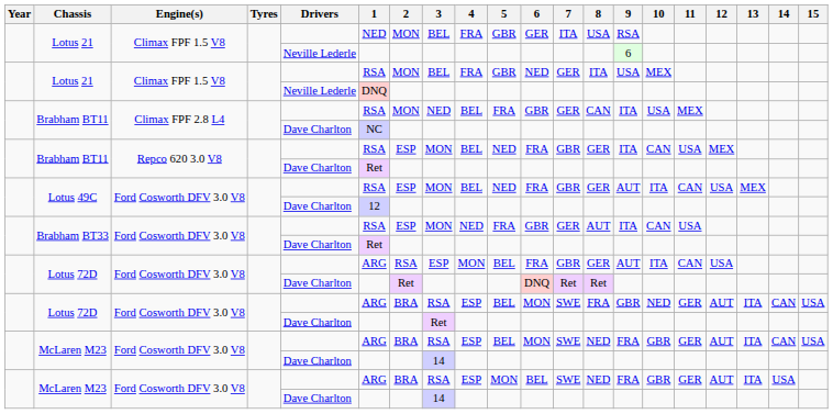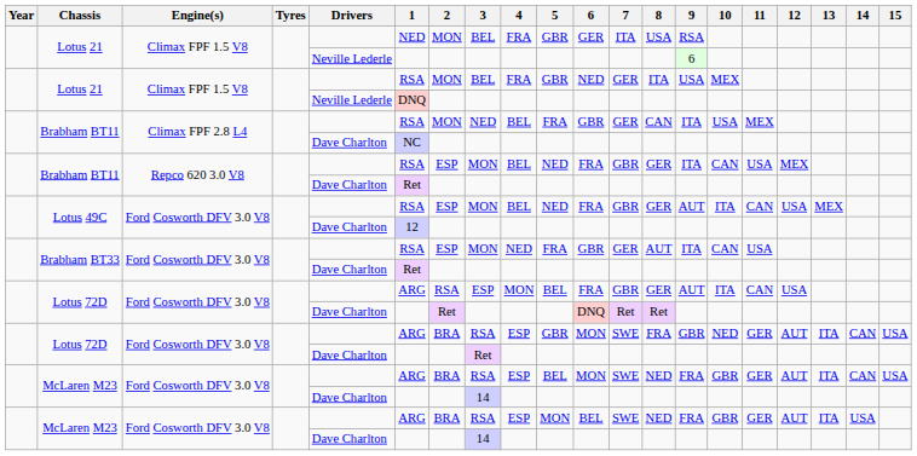 <table class="wikitable" style="text-align:center; font-size:85%">
 <tr>
 <th>Year</th>
 <th>Chassis</th>
 <th>Engine(s)</th>
 <th>Tyres</th>
 <th>Drivers</th>
 <th>1</th>
 <th>2</th>
 <th>3</th>
 <th>4</th>
 <th>5</th>
 <th>6</th>
 <th>7</th>
 <th>8</th>
 <th>9</th>
 <th>10</th>
 <th>11</th>
 <th>12</th>
 <th>13</th>
 <th>14</th>
 <th>15</th>
 </tr>
 <tr>
 <td rowspan="2"></td>
 <td rowspan="2"><a href='#'>Lotus</a> <a href='#'>21</a></td>
 <td rowspan="2"><a href='#'>Climax</a> FPF 1.5 <a href='#'>V8</a></td>
 <td rowspan="2"></td>
 <td></td>
 <td><a href='#'>NED</a></td>
 <td><a href='#'>MON</a></td>
 <td><a href='#'>BEL</a></td>
 <td><a href='#'>FRA</a></td>
 <td><a href='#'>GBR</a></td>
 <td><a href='#'>GER</a></td>
 <td><a href='#'>ITA</a></td>
 <td><a href='#'>USA</a></td>
 <td><a href='#'>RSA</a></td>
 <td></td>
 <td></td>
 <td></td>
 <td></td>
 <td></td>
 <td></td>
 </tr>
 <tr>
 <td align="left"> <a href='#'>Neville Lederle</a></td>
 <td></td>
 <td></td>
 <td></td>
 <td></td>
 <td></td>
 <td></td>
 <td></td>
 <td></td>
 <td style="background:#DFFFDF;">6</td>
 <td></td>
 <td></td>
 <td></td>
 <td></td>
 <td></td>
 <td></td>
 </tr>
 <tr>
 <td rowspan="2"></td>
 <td rowspan="2"><a href='#'>Lotus</a> <a href='#'>21</a></td>
 <td rowspan="2"><a href='#'>Climax</a> FPF 1.5 <a href='#'>V8</a></td>
 <td rowspan="2"></td>
 <td></td>
 <td><a href='#'>RSA</a></td>
 <td><a href='#'>MON</a></td>
 <td><a href='#'>BEL</a></td>
 <td><a href='#'>FRA</a></td>
 <td><a href='#'>GBR</a></td>
 <td><a href='#'>NED</a></td>
 <td><a href='#'>GER</a></td>
 <td><a href='#'>ITA</a></td>
 <td><a href='#'>USA</a></td>
 <td><a href='#'>MEX</a></td>
 <td></td>
 <td></td>
 <td></td>
 <td></td>
 <td></td>
 </tr>
 <tr>
 <td align="left"> <a href='#'>Neville Lederle</a></td>
 <td style="background:#FFCFCF;">DNQ</td>
 <td></td>
 <td></td>
 <td></td>
 <td></td>
 <td></td>
 <td></td>
 <td></td>
 <td></td>
 <td></td>
 <td></td>
 <td></td>
 <td></td>
 <td></td>
 <td></td>
 </tr>
 <tr>
 <td rowspan="2"></td>
 <td rowspan="2"><a href='#'>Brabham</a> <a href='#'>BT11</a></td>
 <td rowspan="2"><a href='#'>Climax</a> FPF 2.8 <a href='#'>L4</a></td>
 <td rowspan="2"></td>
 <td></td>
 <td><a href='#'>RSA</a></td>
 <td><a href='#'>MON</a></td>
 <td><a href='#'>NED</a></td>
 <td><a href='#'>BEL</a></td>
 <td><a href='#'>FRA</a></td>
 <td><a href='#'>GBR</a></td>
 <td><a href='#'>GER</a></td>
 <td><a href='#'>CAN</a></td>
 <td><a href='#'>ITA</a></td>
 <td><a href='#'>USA</a></td>
 <td><a href='#'>MEX</a></td>
 <td></td>
 <td></td>
 <td></td>
 <td></td>
 </tr>
 <tr>
 <td align="left"> <a href='#'>Dave Charlton</a></td>
 <td style="background:#cfcfff;">NC</td>
 <td></td>
 <td></td>
 <td></td>
 <td></td>
 <td></td>
 <td></td>
 <td></td>
 <td></td>
 <td></td>
 <td></td>
 <td></td>
 <td></td>
 <td></td>
 <td></td>
 </tr>
 <tr>
 <td rowspan="2"></td>
 <td rowspan="2"><a href='#'>Brabham</a> <a href='#'>BT11</a></td>
 <td rowspan="2"><a href='#'>Repco</a> 620 3.0 <a href='#'>V8</a></td>
 <td rowspan="2"></td>
 <td></td>
 <td><a href='#'>RSA</a></td>
 <td><a href='#'>ESP</a></td>
 <td><a href='#'>MON</a></td>
 <td><a href='#'>BEL</a></td>
 <td><a href='#'>NED</a></td>
 <td><a href='#'>FRA</a></td>
 <td><a href='#'>GBR</a></td>
 <td><a href='#'>GER</a></td>
 <td><a href='#'>ITA</a></td>
 <td><a href='#'>CAN</a></td>
 <td><a href='#'>USA</a></td>
 <td><a href='#'>MEX</a></td>
 <td></td>
 <td></td>
 <td></td>
 </tr>
 <tr>
 <td align="left"> <a href='#'>Dave Charlton</a></td>
 <td style="background:#EFCFFF;">Ret</td>
 <td></td>
 <td></td>
 <td></td>
 <td></td>
 <td></td>
 <td></td>
 <td></td>
 <td></td>
 <td></td>
 <td></td>
 <td></td>
 <td></td>
 <td></td>
 <td></td>
 </tr>
 <tr>
 <td rowspan="2"></td>
 <td rowspan="2"><a href='#'>Lotus</a> <a href='#'>49C</a></td>
 <td rowspan="2"><a href='#'>Ford</a> <a href='#'>Cosworth DFV</a> 3.0 <a href='#'>V8</a></td>
 <td rowspan="2"></td>
 <td></td>
 <td><a href='#'>RSA</a></td>
 <td><a href='#'>ESP</a></td>
 <td><a href='#'>MON</a></td>
 <td><a href='#'>BEL</a></td>
 <td><a href='#'>NED</a></td>
 <td><a href='#'>FRA</a></td>
 <td><a href='#'>GBR</a></td>
 <td><a href='#'>GER</a></td>
 <td><a href='#'>AUT</a></td>
 <td><a href='#'>ITA</a></td>
 <td><a href='#'>CAN</a></td>
 <td><a href='#'>USA</a></td>
 <td><a href='#'>MEX</a></td>
 <td></td>
 <td></td>
 </tr>
 <tr>
 <td align="left"> <a href='#'>Dave Charlton</a></td>
 <td style="background:#cfcfff;">12</td>
 <td></td>
 <td></td>
 <td></td>
 <td></td>
 <td></td>
 <td></td>
 <td></td>
 <td></td>
 <td></td>
 <td></td>
 <td></td>
 <td></td>
 <td></td>
 <td></td>
 </tr>
 <tr>
 <td rowspan="2"></td>
 <td rowspan="2"><a href='#'>Brabham</a> <a href='#'>BT33</a></td>
 <td rowspan="2"><a href='#'>Ford</a> <a href='#'>Cosworth DFV</a> 3.0 <a href='#'>V8</a></td>
 <td rowspan="2"></td>
 <td></td>
 <td><a href='#'>RSA</a></td>
 <td><a href='#'>ESP</a></td>
 <td><a href='#'>MON</a></td>
 <td><a href='#'>NED</a></td>
 <td><a href='#'>FRA</a></td>
 <td><a href='#'>GBR</a></td>
 <td><a href='#'>GER</a></td>
 <td><a href='#'>AUT</a></td>
 <td><a href='#'>ITA</a></td>
 <td><a href='#'>CAN</a></td>
 <td><a href='#'>USA</a></td>
 <td></td>
 <td></td>
 <td></td>
 <td></td>
 </tr>
 <tr>
 <td align="left"> <a href='#'>Dave Charlton</a></td>
 <td style="background:#EFCFFF;">Ret</td>
 <td></td>
 <td></td>
 <td></td>
 <td></td>
 <td></td>
 <td></td>
 <td></td>
 <td></td>
 <td></td>
 <td></td>
 <td></td>
 <td></td>
 <td></td>
 <td></td>
 </tr>
 <tr>
 <td rowspan="2"></td>
 <td rowspan="2"><a href='#'>Lotus</a> <a href='#'>72D</a></td>
 <td rowspan="2"><a href='#'>Ford</a> <a href='#'>Cosworth DFV</a> 3.0 <a href='#'>V8</a></td>
 <td rowspan="2"></td>
 <td></td>
 <td><a href='#'>ARG</a></td>
 <td><a href='#'>RSA</a></td>
 <td><a href='#'>ESP</a></td>
 <td><a href='#'>MON</a></td>
 <td><a href='#'>BEL</a></td>
 <td><a href='#'>FRA</a></td>
 <td><a href='#'>GBR</a></td>
 <td><a href='#'>GER</a></td>
 <td><a href='#'>AUT</a></td>
 <td><a href='#'>ITA</a></td>
 <td><a href='#'>CAN</a></td>
 <td><a href='#'>USA</a></td>
 <td></td>
 <td></td>
 <td></td>
 </tr>
 <tr>
 <td align="left"> <a href='#'>Dave Charlton</a></td>
 <td></td>
 <td style="background:#EFCFFF;">Ret</td>
 <td></td>
 <td></td>
 <td></td>
 <td style="background:#FFCFCF;">DNQ</td>
 <td style="background:#EFCFFF;">Ret</td>
 <td style="background:#EFCFFF;">Ret</td>
 <td></td>
 <td></td>
 <td></td>
 <td></td>
 <td></td>
 <td></td>
 <td></td>
 </tr>
 <tr>
 <td rowspan="2"></td>
 <td rowspan="2"><a href='#'>Lotus</a> <a href='#'>72D</a></td>
 <td rowspan="2"><a href='#'>Ford</a> <a href='#'>Cosworth DFV</a> 3.0 <a href='#'>V8</a></td>
 <td rowspan="2"></td>
 <td></td>
 <td><a href='#'>ARG</a></td>
 <td><a href='#'>BRA</a></td>
 <td><a href='#'>RSA</a></td>
 <td><a href='#'>ESP</a></td>
-<td><a href='#'>BEL</a></td>
+<td><a href='#'>GBR</a></td>
 <td><a href='#'>MON</a></td>
 <td><a href='#'>SWE</a></td>
 <td><a href='#'>FRA</a></td>
 <td><a href='#'>GBR</a></td>
 <td><a href='#'>NED</a></td>
 <td><a href='#'>GER</a></td>
 <td><a href='#'>AUT</a></td>
 <td><a href='#'>ITA</a></td>
 <td><a href='#'>CAN</a></td>
 <td><a href='#'>USA</a></td>
 </tr>
 <tr>
 <td align="left"> <a href='#'>Dave Charlton</a></td>
 <td></td>
 <td></td>
 <td style="background:#EFCFFF;">Ret</td>
 <td></td>
 <td></td>
 <td></td>
 <td></td>
 <td></td>
 <td></td>
 <td></td>
 <td></td>
 <td></td>
 <td></td>
 <td></td>
 <td></td>
 </tr>
 <tr>
 <td rowspan="2"></td>
 <td rowspan="2"><a href='#'>McLaren</a> <a href='#'>M23</a></td>
 <td rowspan="2"><a href='#'>Ford</a> <a href='#'>Cosworth DFV</a> 3.0 <a href='#'>V8</a></td>
 <td rowspan="2"></td>
 <td></td>
 <td><a href='#'>ARG</a></td>
 <td><a href='#'>BRA</a></td>
 <td><a href='#'>RSA</a></td>
 <td><a href='#'>ESP</a></td>
 <td><a href='#'>BEL</a></td>
 <td><a href='#'>MON</a></td>
 <td><a href='#'>SWE</a></td>
 <td><a href='#'>NED</a></td>
 <td><a href='#'>FRA</a></td>
 <td><a href='#'>GBR</a></td>
 <td><a href='#'>GER</a></td>
 <td><a href='#'>AUT</a></td>
 <td><a href='#'>ITA</a></td>
 <td><a href='#'>CAN</a></td>
 <td><a href='#'>USA</a></td>
 </tr>
 <tr>
 <td align="left"> <a href='#'>Dave Charlton</a></td>
 <td></td>
 <td></td>
 <td style="background:#cfcfff;">14</td>
 <td></td>
 <td></td>
 <td></td>
 <td></td>
 <td></td>
 <td></td>
 <td></td>
 <td></td>
 <td></td>
 <td></td>
 <td></td>
 <td></td>
 </tr>
 <tr>
 <td rowspan="2"></td>
 <td rowspan="2"><a href='#'>McLaren</a> <a href='#'>M23</a></td>
 <td rowspan="2"><a href='#'>Ford</a> <a href='#'>Cosworth DFV</a> 3.0 <a href='#'>V8</a></td>
 <td rowspan="2"></td>
 <td></td>
 <td><a href='#'>ARG</a></td>
 <td><a href='#'>BRA</a></td>
 <td><a href='#'>RSA</a></td>
 <td><a href='#'>ESP</a></td>
 <td><a href='#'>MON</a></td>
 <td><a href='#'>BEL</a></td>
 <td><a href='#'>SWE</a></td>
 <td><a href='#'>NED</a></td>
 <td><a href='#'>FRA</a></td>
 <td><a href='#'>GBR</a></td>
 <td><a href='#'>GER</a></td>
 <td><a href='#'>AUT</a></td>
 <td><a href='#'>ITA</a></td>
 <td><a href='#'>USA</a></td>
 <td></td>
 </tr>
 <tr>
 <td align="left"> <a href='#'>Dave Charlton</a></td>
 <td></td>
 <td></td>
 <td style="background:#cfcfff;">14</td>
 <td></td>
 <td></td>
 <td></td>
 <td></td>
 <td></td>
 <td></td>
 <td></td>
 <td></td>
 <td></td>
 <td></td>
 <td></td>
 <td></td>
 </tr>
 </table>
